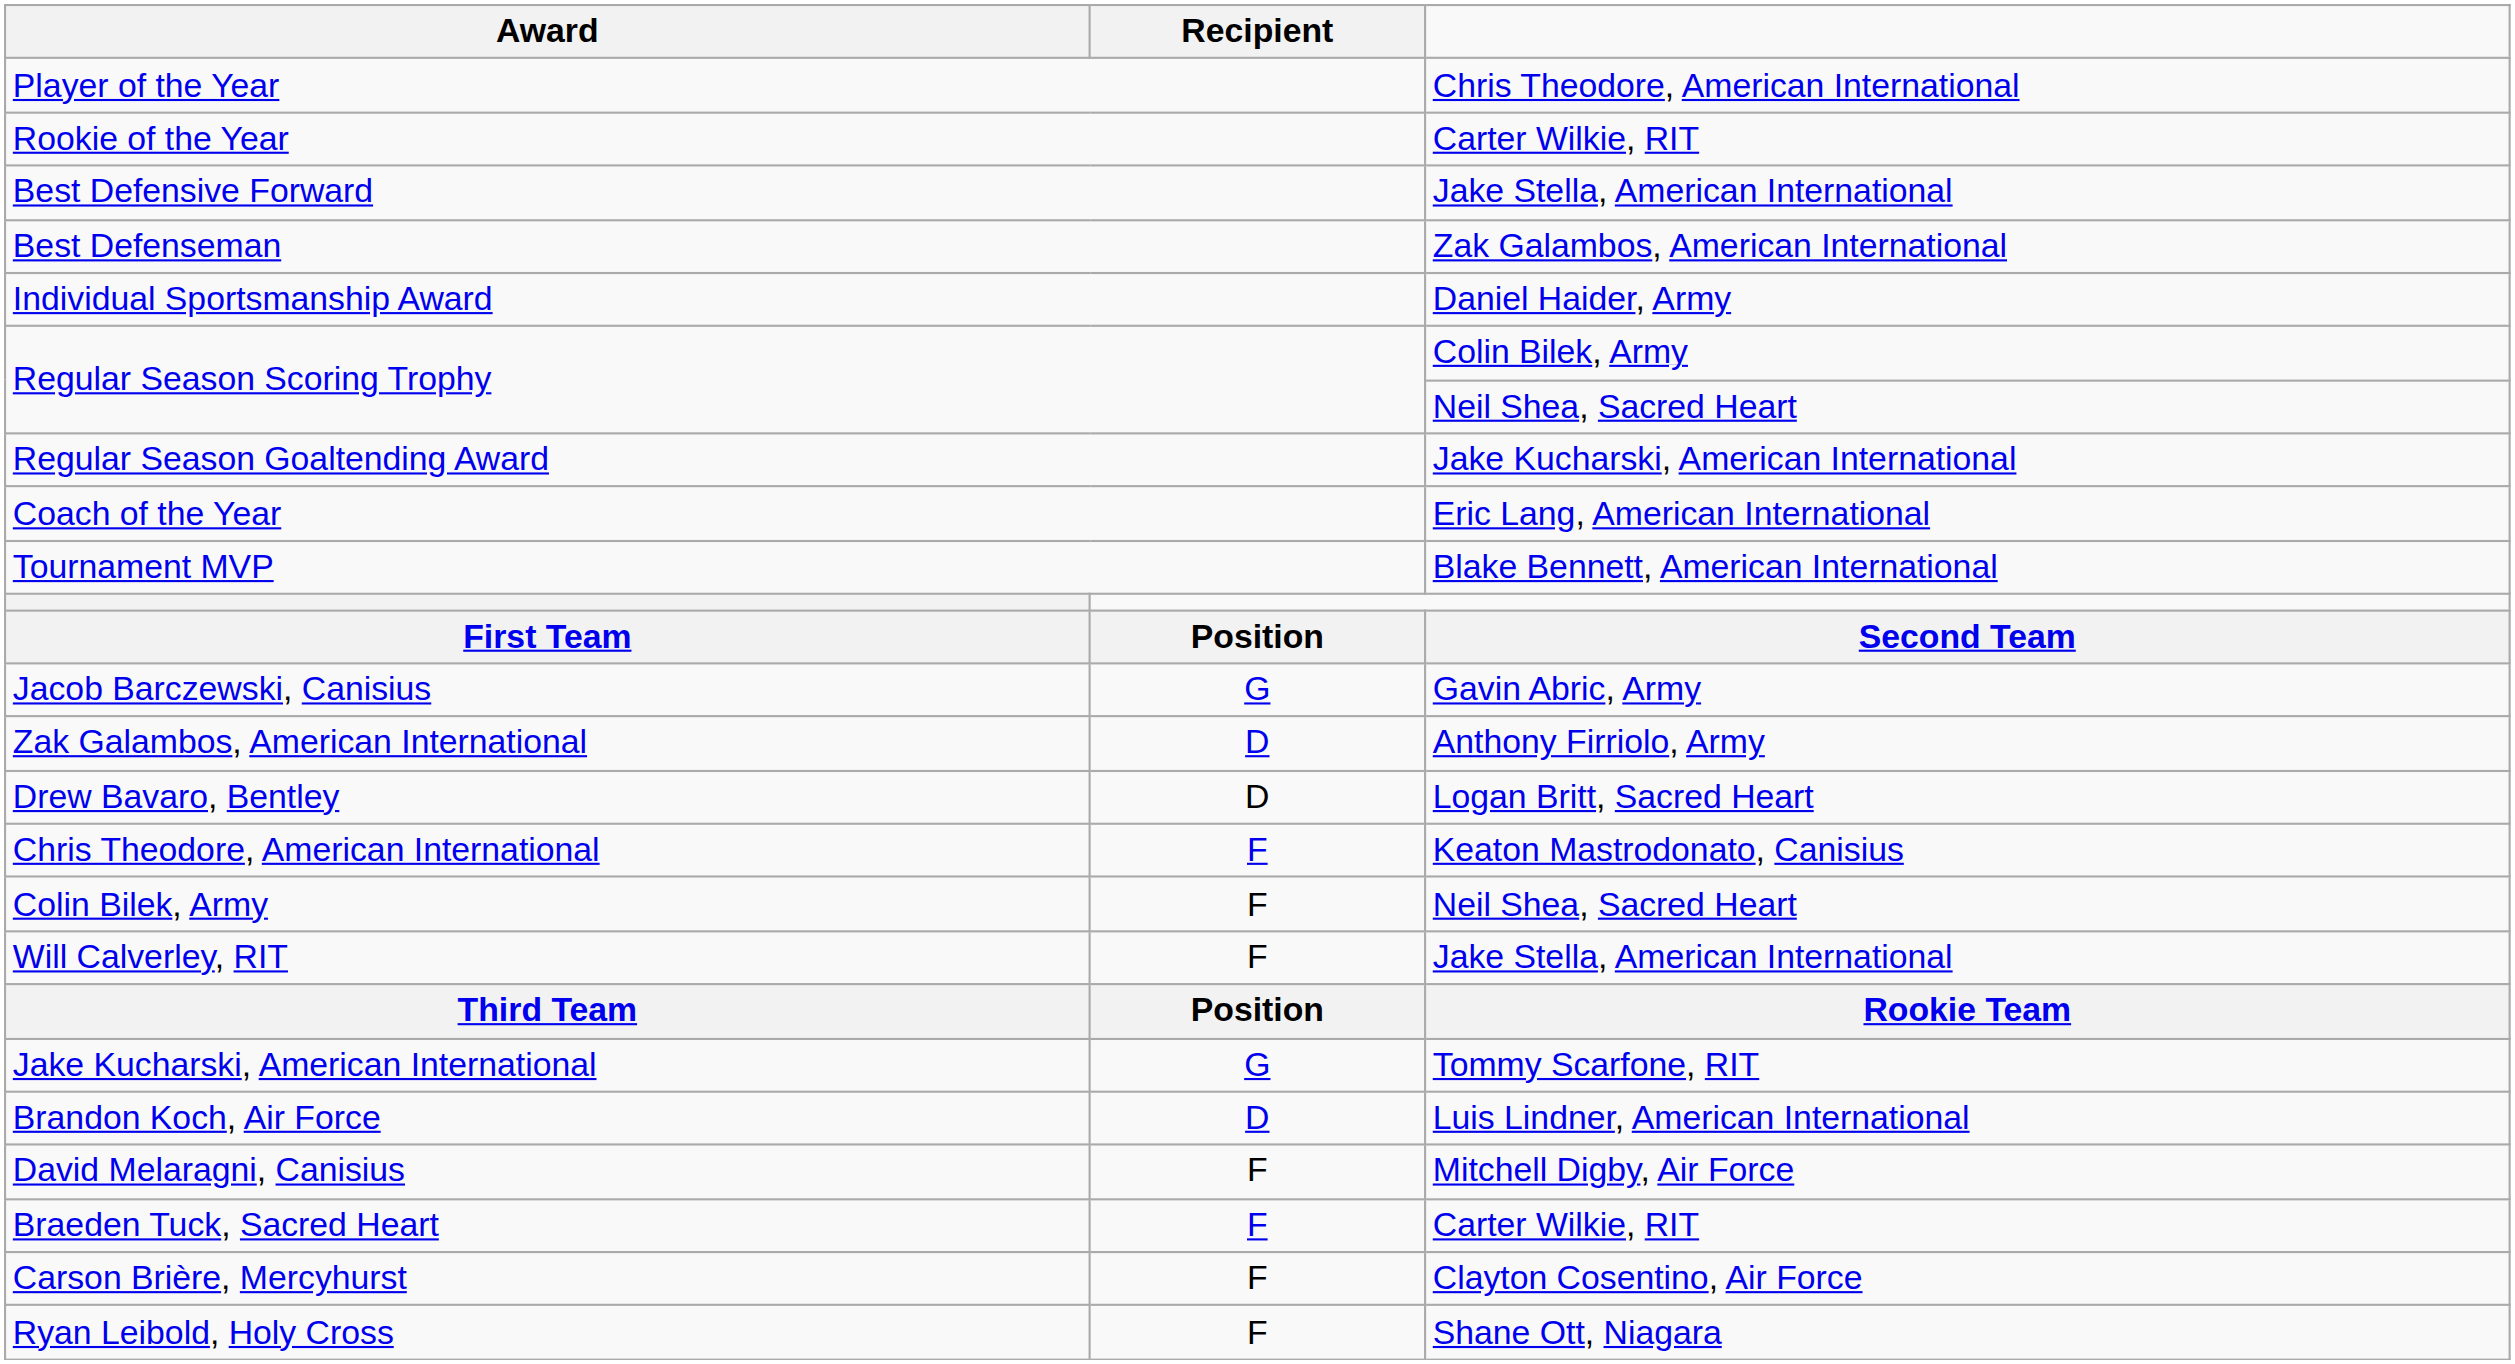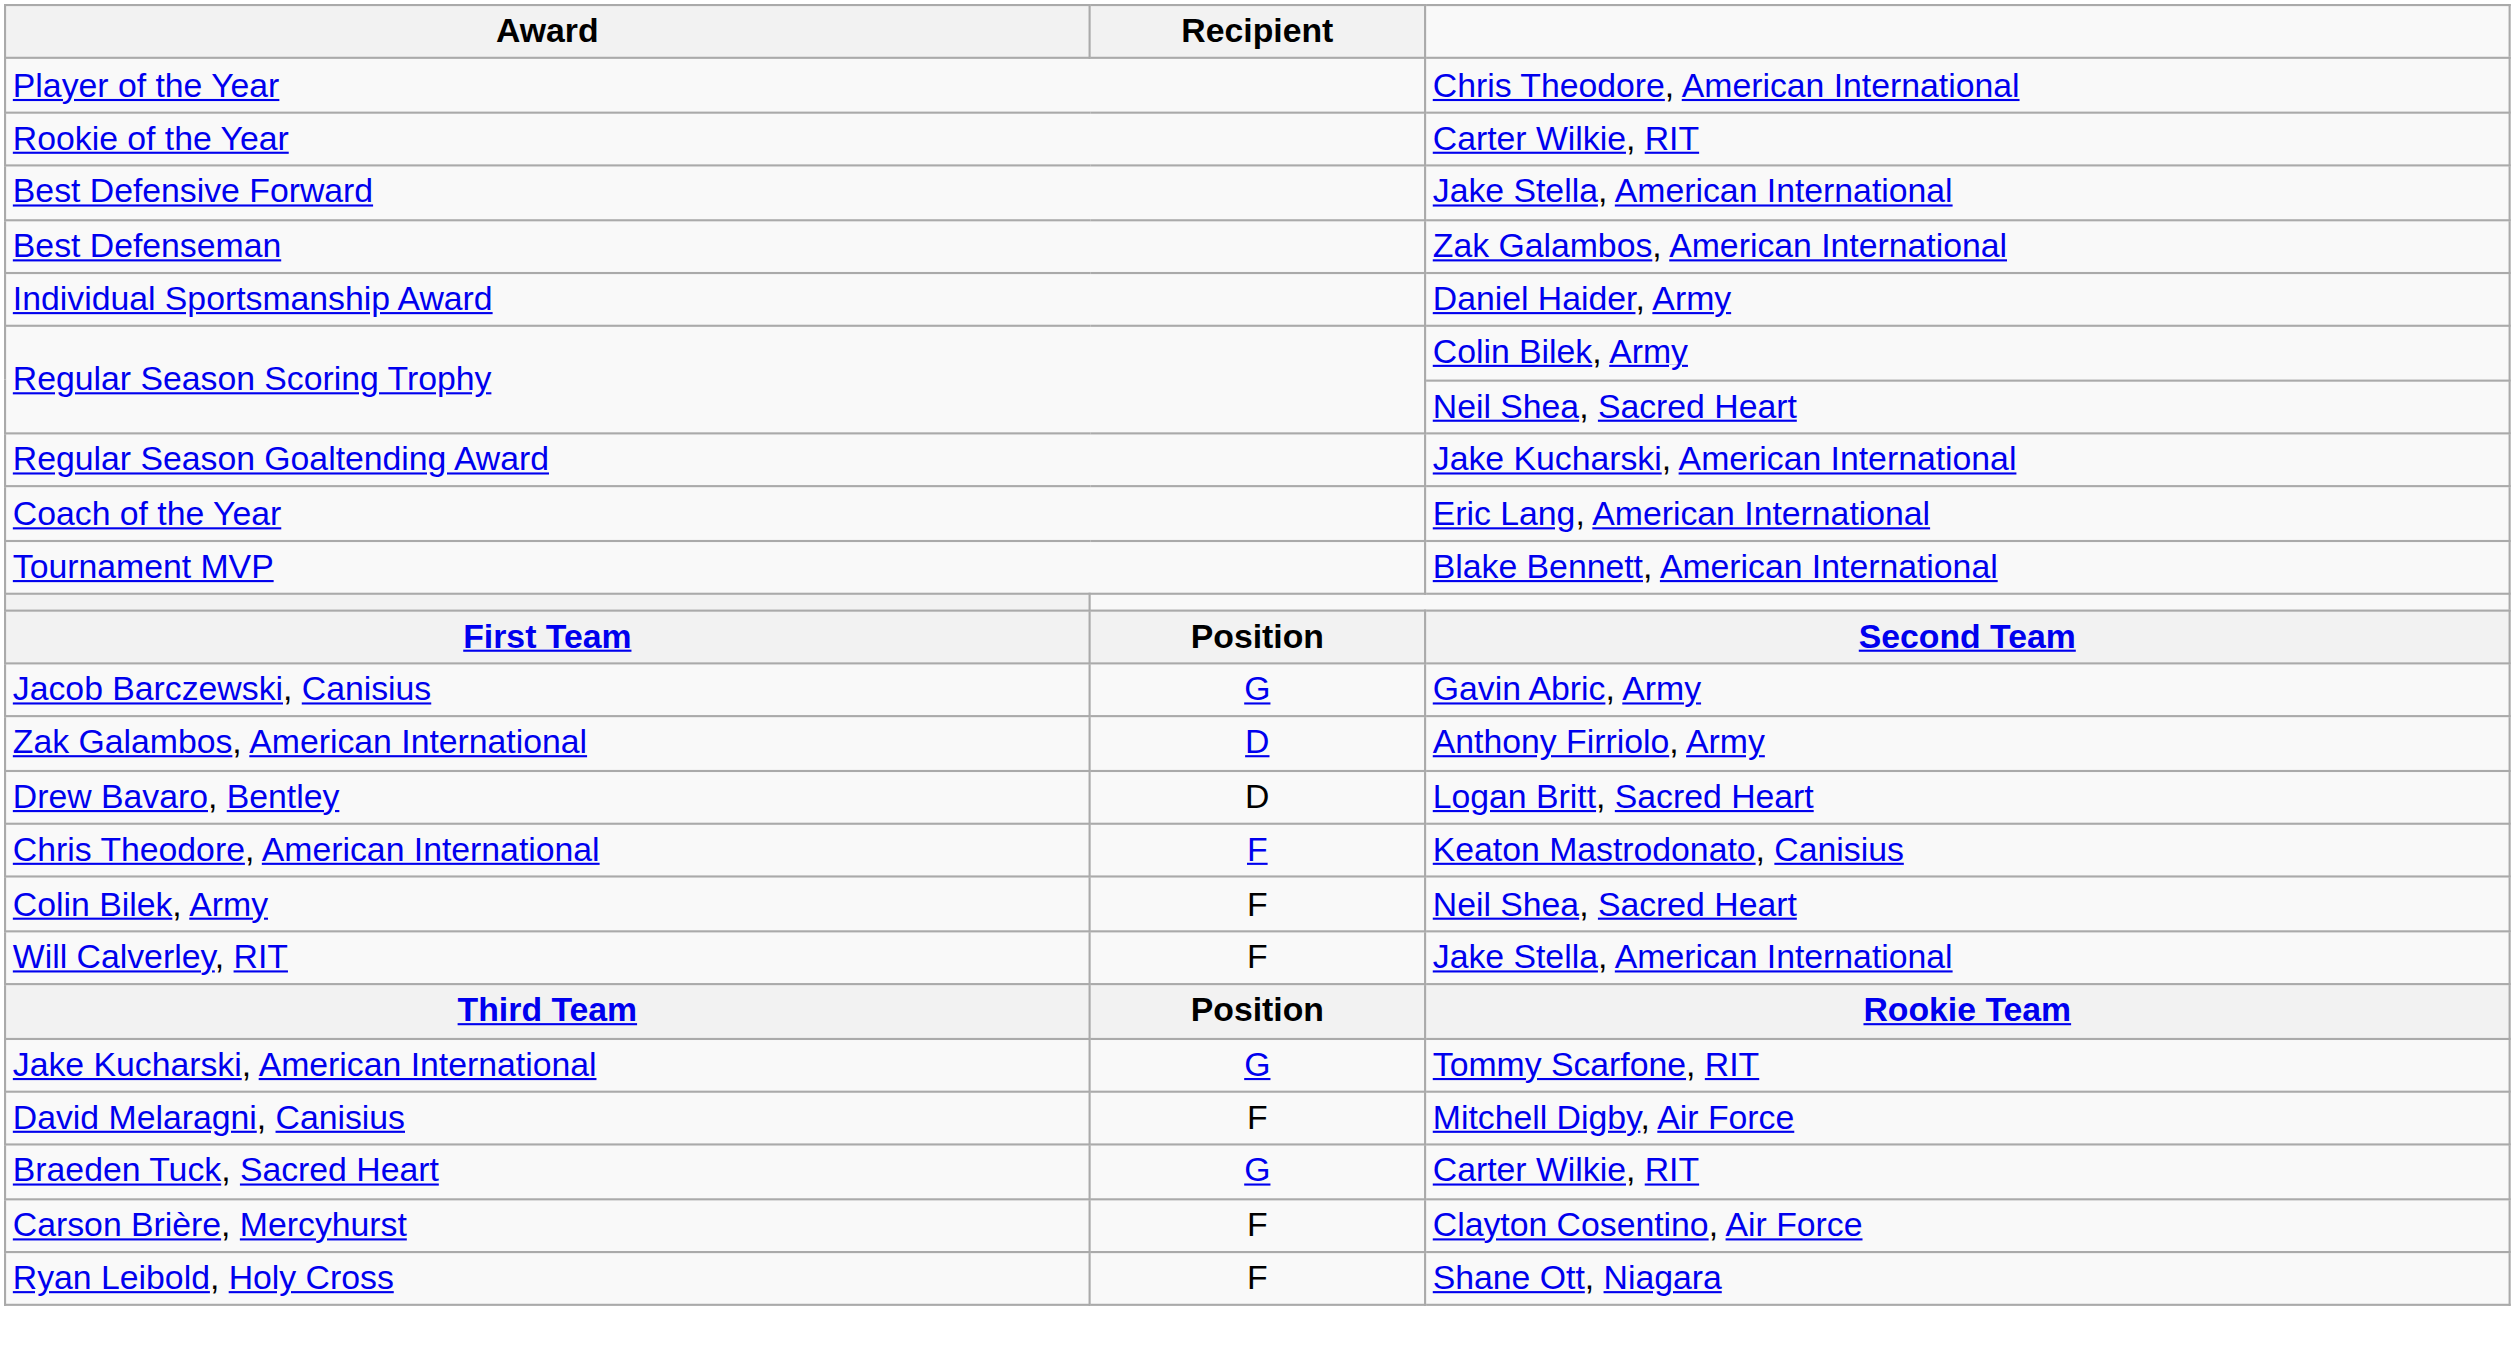 <table class="wikitable" width=75%>
 <tr>
 <th>Award </th>
 <th>Recipient</th>
 </tr>
 <tr>
 <td colspan=2><a href='#'>Player of the Year</a></td>
 <td><a href='#'>Chris Theodore</a>, <a href='#'>American International</a></td>
 </tr>
 <tr>
 <td colspan=2><a href='#'>Rookie of the Year</a></td>
 <td><a href='#'>Carter Wilkie</a>, <a href='#'>RIT</a></td>
 </tr>
 <tr>
 <td colspan=2><a href='#'>Best Defensive Forward</a></td>
 <td><a href='#'>Jake Stella</a>, <a href='#'>American International</a></td>
 </tr>
 <tr>
 <td colspan=2><a href='#'>Best Defenseman</a></td>
 <td><a href='#'>Zak Galambos</a>, <a href='#'>American International</a></td>
 </tr>
 <tr>
 <td colspan=2><a href='#'>Individual Sportsmanship Award</a></td>
 <td><a href='#'>Daniel Haider</a>, <a href='#'>Army</a></td>
 </tr>
 <tr>
 <td colspan=2, rowspan=2><a href='#'>Regular Season Scoring Trophy</a></td>
 <td><a href='#'>Colin Bilek</a>, <a href='#'>Army</a></td>
 </tr>
 <tr>
 <td><a href='#'>Neil Shea</a>, <a href='#'>Sacred Heart</a></td>
 </tr>
 <tr>
 <td colspan=2><a href='#'>Regular Season Goaltending Award</a></td>
 <td><a href='#'>Jake Kucharski</a>, <a href='#'>American International</a></td>
 </tr>
 <tr>
 <td colspan=2><a href='#'>Coach of the Year</a></td>
 <td><a href='#'>Eric Lang</a>, <a href='#'>American International</a></td>
 </tr>
 <tr>
 <td colspan=2><a href='#'>Tournament MVP</a></td>
 <td><a href='#'>Blake Bennett</a>, <a href='#'>American International</a></td>
 </tr>
 <tr>
 <th><a href='#'></a></th>
 </tr>
 <tr>
 <th><a href='#'>First Team</a></th>
 <th>  Position  </th>
 <th><a href='#'>Second Team</a></th>
 </tr>
 <tr>
 <td><a href='#'>Jacob Barczewski</a>, <a href='#'>Canisius</a></td>
 <td align=center><a href='#'>G</a></td>
 <td><a href='#'>Gavin Abric</a>, <a href='#'>Army</a></td>
 </tr>
 <tr>
 <td><a href='#'>Zak Galambos</a>, <a href='#'>American International</a></td>
 <td align=center><a href='#'>D</a></td>
 <td><a href='#'>Anthony Firriolo</a>, <a href='#'>Army</a></td>
 </tr>
 <tr>
 <td><a href='#'>Drew Bavaro</a>, <a href='#'>Bentley</a></td>
 <td align=center>D</td>
 <td><a href='#'>Logan Britt</a>, <a href='#'>Sacred Heart</a></td>
 </tr>
 <tr>
 <td><a href='#'>Chris Theodore</a>, <a href='#'>American International</a></td>
 <td align=center><a href='#'>F</a></td>
 <td><a href='#'>Keaton Mastrodonato</a>, <a href='#'>Canisius</a></td>
 </tr>
 <tr>
 <td><a href='#'>Colin Bilek</a>, <a href='#'>Army</a></td>
 <td align=center>F</td>
 <td><a href='#'>Neil Shea</a>, <a href='#'>Sacred Heart</a></td>
 </tr>
 <tr>
 <td><a href='#'>Will Calverley</a>, <a href='#'>RIT</a></td>
 <td align=center>F</td>
 <td><a href='#'>Jake Stella</a>, <a href='#'>American International</a></td>
 </tr>
 <tr>
 <th><a href='#'>Third Team</a></th>
 <th>  Position  </th>
 <th><a href='#'>Rookie Team</a></th>
 </tr>
 <tr>
 <td><a href='#'>Jake Kucharski</a>, <a href='#'>American International</a></td>
 <td align=center><a href='#'>G</a></td>
 <td><a href='#'>Tommy Scarfone</a>, <a href='#'>RIT</a></td>
 </tr>
 <tr>
-<td><a href='#'>Brandon Koch</a>, <a href='#'>Air Force</a></td>
-<td align=center><a href='#'>D</a></td>
-<td><a href='#'>Luis Lindner</a>, <a href='#'>American International</a></td>
-</tr>
-<tr>
 <td><a href='#'>David Melaragni</a>, <a href='#'>Canisius</a></td>
 <td align=center>F</td>
 <td><a href='#'>Mitchell Digby</a>, <a href='#'>Air Force</a></td>
 </tr>
 <tr>
 <td><a href='#'>Braeden Tuck</a>, <a href='#'>Sacred Heart</a></td>
-<td align=center><a href='#'>F</a></td>
+<td align=center><a href='#'>G</a></td>
 <td><a href='#'>Carter Wilkie</a>, <a href='#'>RIT</a></td>
 </tr>
 <tr>
 <td><a href='#'>Carson Brière</a>, <a href='#'>Mercyhurst</a></td>
 <td align=center>F</td>
 <td><a href='#'>Clayton Cosentino</a>, <a href='#'>Air Force</a></td>
 </tr>
 <tr>
 <td><a href='#'>Ryan Leibold</a>, <a href='#'>Holy Cross</a></td>
 <td align=center>F</td>
 <td><a href='#'>Shane Ott</a>, <a href='#'>Niagara</a></td>
 </tr>
 </table>
